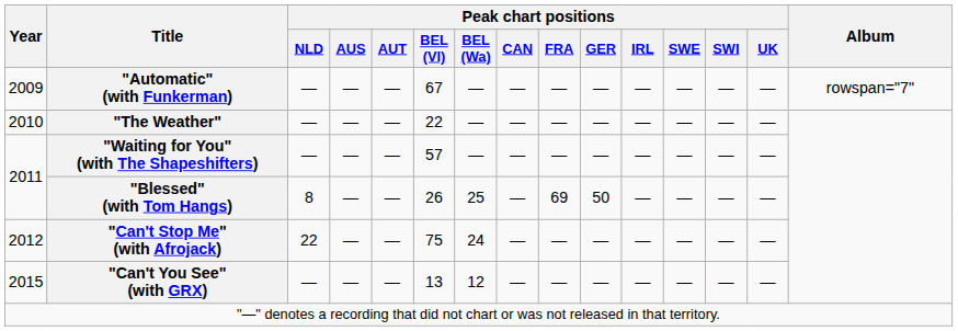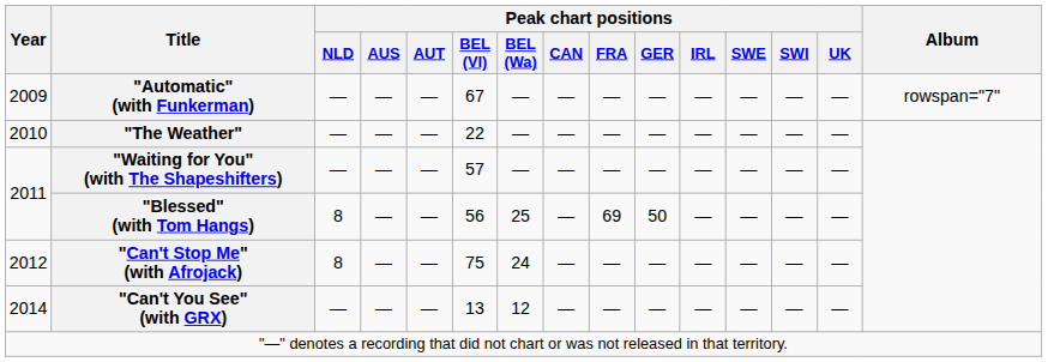 <table class="wikitable plainrowheaders" style="text-align:center;">
 <tr>
 <th scope="col" rowspan="2" style="width:1em;">Year</th>
 <th scope="col" rowspan="2" style="width:15em;">Title</th>
 <th scope="col" colspan="12">Peak chart positions</th>
 <th scope="col" rowspan="2" style="width:10em;">Album</th>
 </tr>
 <tr>
 <th scope="col" style="width:2.5em;font-size:90%;"><a href='#'>NLD</a><br></th>
 <th scope="col" style="width:2.5em;font-size:90%;"><a href='#'>AUS</a><br></th>
 <th scope="col" style="width:2.5em;font-size:90%;"><a href='#'>AUT</a><br></th>
 <th scope="col" style="width:2.5em;font-size:90%;"><a href='#'>BEL (Vl)</a><br></th>
 <th scope="col" style="width:2.5em;font-size:90%;"><a href='#'>BEL (Wa)</a><br></th>
 <th scope="col" style="width:2.5em;font-size:90%;"><a href='#'>CAN</a><br></th>
 <th scope="col" style="width:2.5em;font-size:90%;"><a href='#'>FRA</a><br></th>
 <th scope="col" style="width:2.5em;font-size:90%;"><a href='#'>GER</a><br></th>
 <th scope="col" style="width:2.5em;font-size:90%;"><a href='#'>IRL</a><br></th>
 <th scope="col" style="width:2.5em;font-size:90%;"><a href='#'>SWE</a><br></th>
 <th scope="col" style="width:2.5em;font-size:90%;"><a href='#'>SWI</a><br></th>
 <th scope="col" style="width:2.5em;font-size:90%;"><a href='#'>UK</a><br></th>
 </tr>
 <tr>
 <td rowspan="1">2009</td>
 <th scope="row">"Automatic" <br><span>(with <a href='#'>Funkerman</a>)</span></th>
 <td>—</td>
 <td>—</td>
 <td>—</td>
 <td>67</td>
 <td>—</td>
 <td>—</td>
 <td>—</td>
 <td>—</td>
 <td>—</td>
 <td>—</td>
 <td>—</td>
 <td>—</td>
 <td>rowspan="7" </td>
 </tr>
 <tr>
 <td rowspan="1">2010</td>
 <th scope="row">"The Weather"</th>
 <td>—</td>
 <td>—</td>
 <td>—</td>
 <td>22</td>
 <td>—</td>
 <td>—</td>
 <td>—</td>
 <td>—</td>
 <td>—</td>
 <td>—</td>
 <td>—</td>
 <td>—</td>
 </tr>
 <tr>
 <td rowspan="2">2011</td>
 <th scope="row">"Waiting for You" <br><span>(with <a href='#'>The Shapeshifters</a>)</span></th>
 <td>—</td>
 <td>—</td>
 <td>—</td>
 <td>57</td>
 <td>—</td>
 <td>—</td>
 <td>—</td>
 <td>—</td>
 <td>—</td>
 <td>—</td>
 <td>—</td>
 <td>—</td>
 </tr>
 <tr>
 <th scope="row">"Blessed" <br><span>(with <a href='#'>Tom Hangs</a>)</span></th>
 <td>8</td>
 <td>—</td>
 <td>—</td>
-<td>26</td>
+<td>56</td>
 <td>25</td>
 <td>—</td>
 <td>69</td>
 <td>50</td>
 <td>—</td>
 <td>—</td>
 <td>—</td>
 <td>—</td>
 </tr>
 <tr>
 <td rowspan="1">2012</td>
 <th scope="row">"<a href='#'>Can't Stop Me</a>" <br><span>(with <a href='#'>Afrojack</a>)</span></th>
-<td>22</td>
+<td>8</td>
 <td>—</td>
 <td>—</td>
 <td>75</td>
 <td>24</td>
 <td>—</td>
 <td>—</td>
 <td>—</td>
 <td>—</td>
 <td>—</td>
 <td>—</td>
 <td>—</td>
 </tr>
 <tr>
-<td rowspan="1">2015</td>
+<td rowspan="1">2014</td>
 <th scope="row">"Can't You See" <br><span>(with <a href='#'>GRX</a>)</span></th>
 <td>—</td>
 <td>—</td>
 <td>—</td>
 <td>13</td>
 <td>12</td>
 <td>—</td>
 <td>—</td>
 <td>—</td>
 <td>—</td>
 <td>—</td>
 <td>—</td>
 <td>—</td>
 </tr>
 <tr>
 <td colspan="16" style="font-size:90%">"—" denotes a recording that did not chart or was not released in that territory.</td>
 </tr>
 </table>
